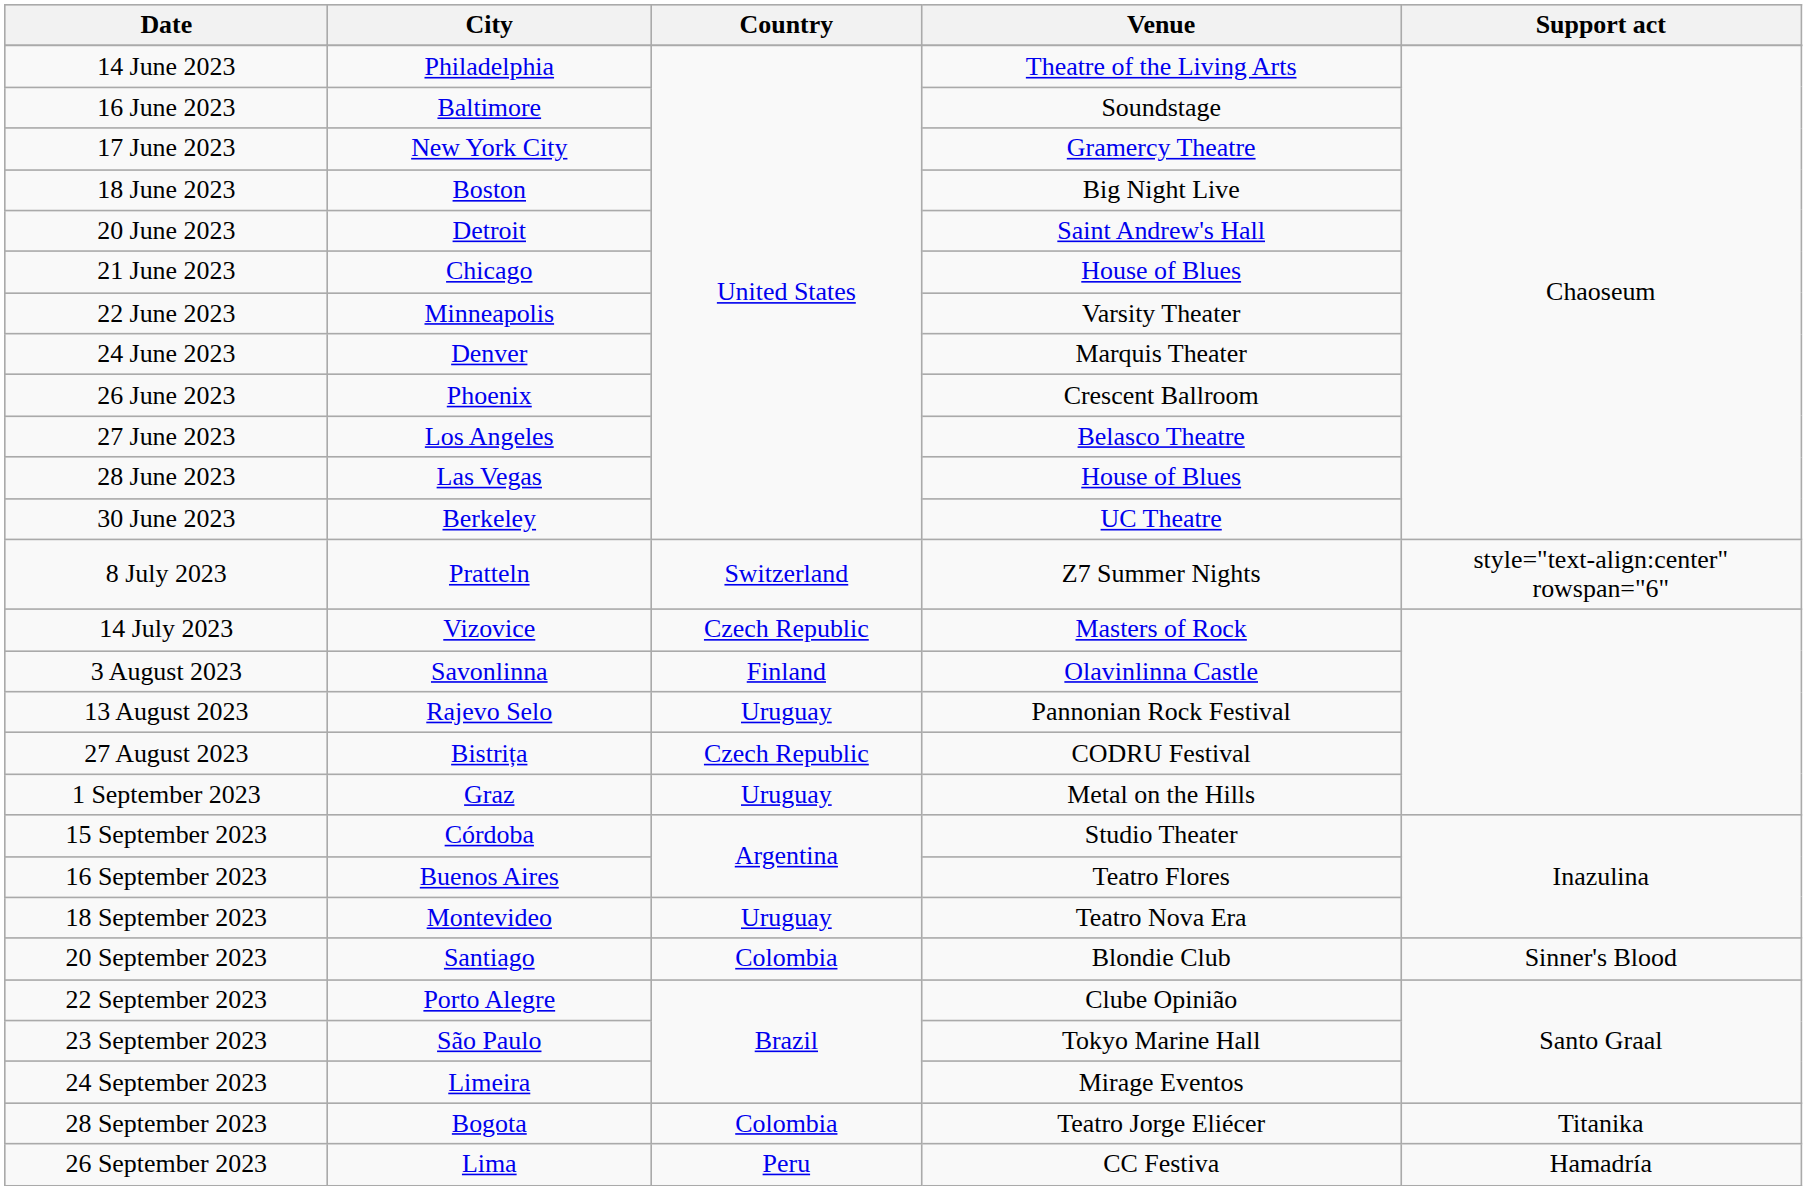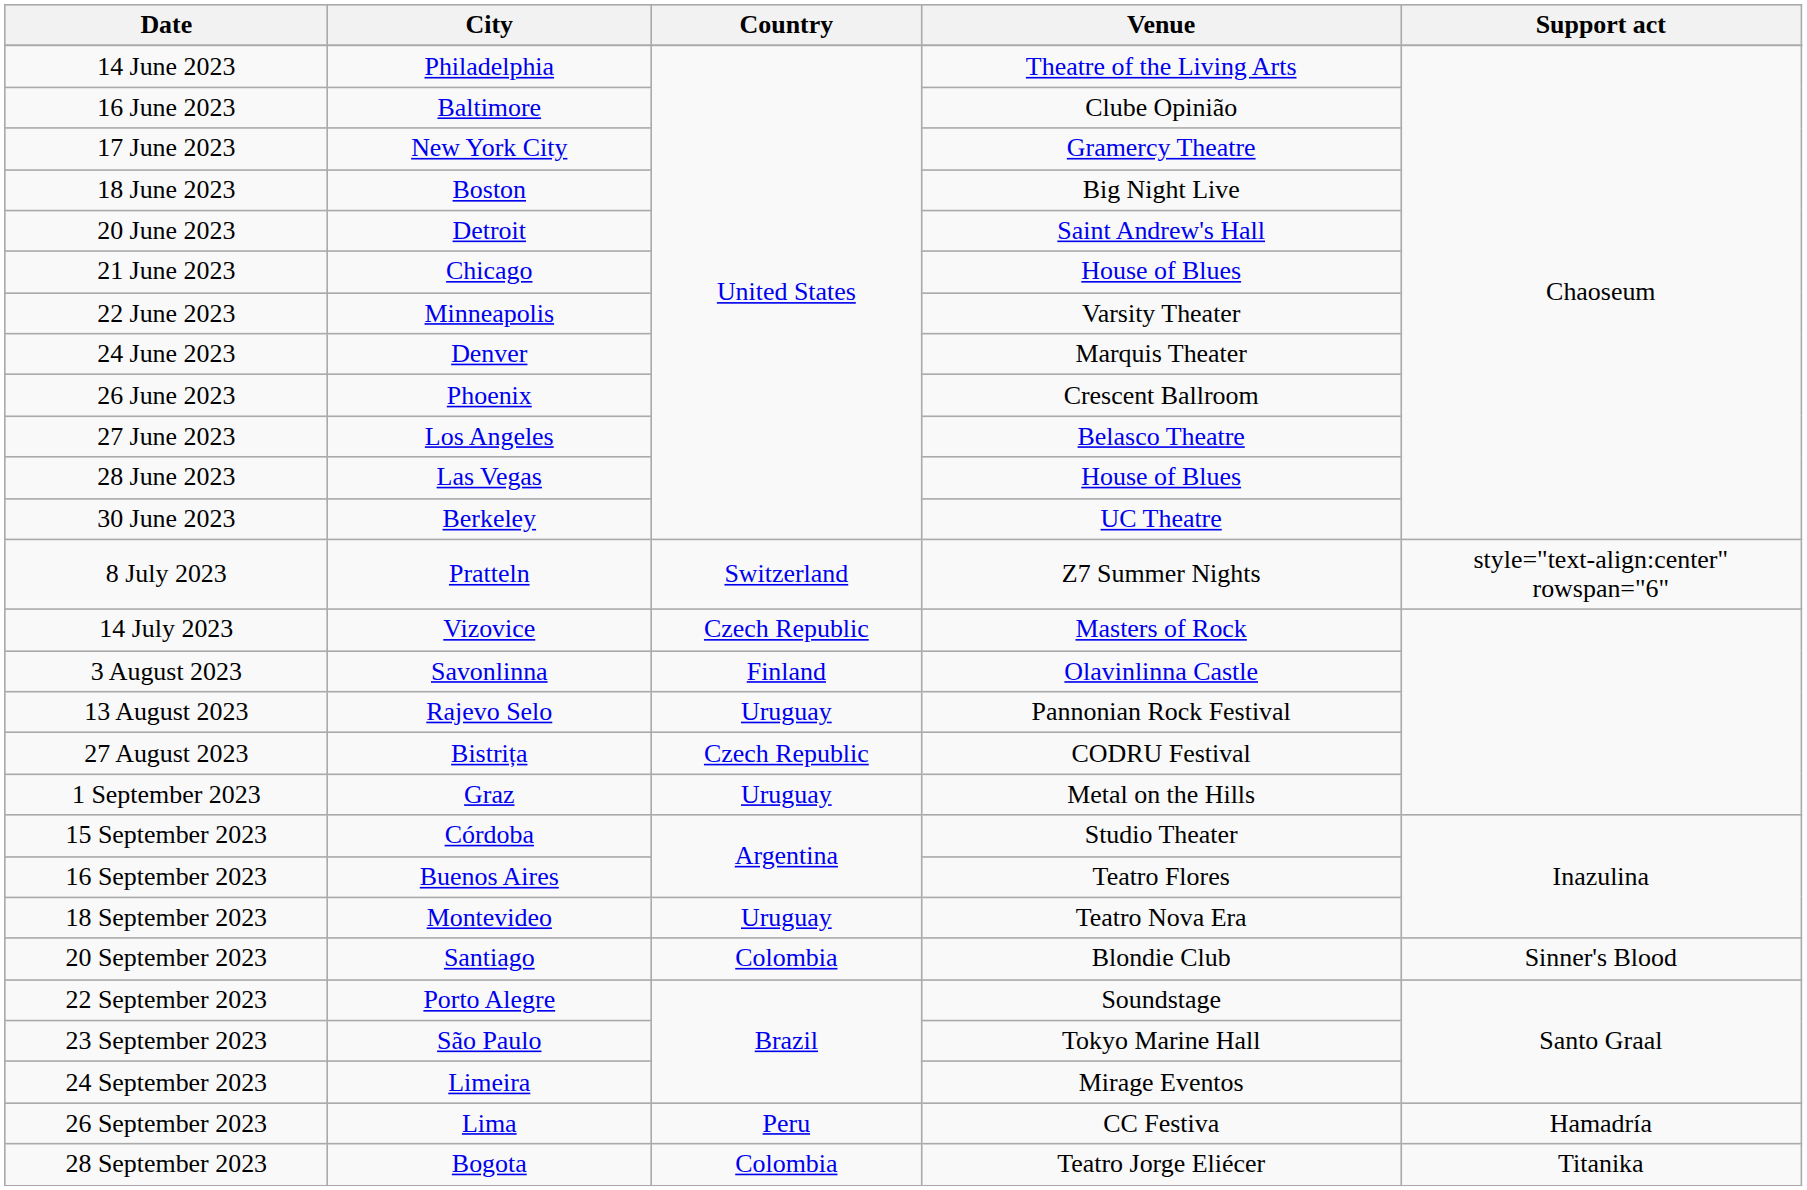 <table class="wikitable plainrowheaders" style="text-align:center;">
 <tr>
 <th scope="col" style="width:12em;">Date</th>
 <th scope="col" style="width:12em;">City</th>
 <th scope="col" style="width:10em;">Country</th>
 <th scope="col" style="width:18em;">Venue</th>
 <th scope="col" style="width:15em;">Support act</th>
 </tr>
 <tr>
 </tr>
 <tr>
 <td style="text-align:center">14 June 2023</td>
 <td style="text-align:center"><a href='#'>Philadelphia</a></td>
 <td style="text-align:center" rowspan="12"><a href='#'>United States</a></td>
 <td style="text-align:center"><a href='#'>Theatre of the Living Arts</a></td>
 <td style="text-align:center" rowspan="12">Chaoseum</td>
 </tr>
 <tr>
 <td style="text-align:center">16 June 2023</td>
 <td style="text-align:center"><a href='#'>Baltimore</a></td>
-<td style="text-align:center">Soundstage</td>
+<td style="text-align:center">Clube Opinião</td>
 </tr>
 <tr>
 <td style="text-align:center">17 June 2023</td>
 <td style="text-align:center"><a href='#'>New York City</a></td>
 <td style="text-align:center"><a href='#'>Gramercy Theatre</a></td>
 </tr>
 <tr>
 <td style="text-align:center">18 June 2023</td>
 <td style="text-align:center"><a href='#'>Boston</a></td>
 <td style="text-align:center">Big Night Live</td>
 </tr>
 <tr>
 <td style="text-align:center">20 June 2023</td>
 <td style="text-align:center"><a href='#'>Detroit</a></td>
 <td style="text-align:center"><a href='#'>Saint Andrew's Hall</a></td>
 </tr>
 <tr>
 <td style="text-align:center">21 June 2023</td>
 <td style="text-align:center"><a href='#'>Chicago</a></td>
 <td style="text-align:center"><a href='#'>House of Blues</a></td>
 </tr>
 <tr>
 <td style="text-align:center">22 June 2023</td>
 <td style="text-align:center"><a href='#'>Minneapolis</a></td>
 <td style="text-align:center">Varsity Theater</td>
 </tr>
 <tr>
 <td style="text-align:center">24 June 2023</td>
 <td style="text-align:center"><a href='#'>Denver</a></td>
 <td style="text-align:center">Marquis Theater</td>
 </tr>
 <tr>
 <td style="text-align:center">26 June 2023</td>
 <td style="text-align:center"><a href='#'>Phoenix</a></td>
 <td style="text-align:center">Crescent Ballroom</td>
 </tr>
 <tr>
 <td style="text-align:center">27 June 2023</td>
 <td style="text-align:center"><a href='#'>Los Angeles</a></td>
 <td style="text-align:center"><a href='#'>Belasco Theatre</a></td>
 </tr>
 <tr>
 <td style="text-align:center">28 June 2023</td>
 <td style="text-align:center"><a href='#'>Las Vegas</a></td>
 <td style="text-align:center"><a href='#'>House of Blues</a></td>
 </tr>
 <tr>
 <td style="text-align:center">30 June 2023</td>
 <td style="text-align:center"><a href='#'>Berkeley</a></td>
 <td style="text-align:center"><a href='#'>UC Theatre</a></td>
 </tr>
 <tr>
 <td style="text-align:center">8 July 2023</td>
 <td style="text-align:center"><a href='#'>Pratteln</a></td>
 <td style="text-align:center"><a href='#'>Switzerland</a></td>
 <td style="text-align:center">Z7 Summer Nights</td>
 <td>style="text-align:center" rowspan="6" </td>
 </tr>
 <tr>
 <td style="text-align:center">14 July 2023</td>
 <td style="text-align:center"><a href='#'>Vizovice</a></td>
 <td style="text-align:center"><a href='#'>Czech Republic</a></td>
 <td style="text-align:center"><a href='#'>Masters of Rock</a></td>
 </tr>
 <tr>
 <td style="text-align:center">3 August 2023</td>
 <td style="text-align:center"><a href='#'>Savonlinna</a></td>
 <td style="text-align:center"><a href='#'>Finland</a></td>
 <td style="text-align:center"><a href='#'>Olavinlinna Castle</a></td>
 </tr>
 <tr>
 <td style="text-align:center">13 August 2023</td>
 <td style="text-align:center"><a href='#'>Rajevo Selo</a></td>
 <td style="text-align:center"><a href='#'>Uruguay</a></td>
 <td style="text-align:center">Pannonian Rock Festival</td>
 </tr>
 <tr>
 <td style="text-align:center">27 August 2023</td>
 <td style="text-align:center"><a href='#'>Bistrița</a></td>
 <td style="text-align:center"><a href='#'>Czech Republic</a></td>
 <td style="text-align:center">CODRU Festival</td>
 </tr>
 <tr>
 <td style="text-align:center">1 September 2023</td>
 <td style="text-align:center"><a href='#'>Graz</a></td>
 <td style="text-align:center"><a href='#'>Uruguay</a></td>
 <td style="text-align:center">Metal on the Hills</td>
 </tr>
 <tr>
 <td style="text-align:center">15 September 2023</td>
 <td style="text-align:center"><a href='#'>Córdoba</a></td>
 <td style="text-align:center" rowspan="2"><a href='#'>Argentina</a></td>
 <td style="text-align:center">Studio Theater</td>
 <td style="text-align:center" rowspan="3">Inazulina</td>
 </tr>
 <tr>
 <td style="text-align:center">16 September 2023</td>
 <td style="text-align:center"><a href='#'>Buenos Aires</a></td>
 <td style="text-align:center">Teatro Flores</td>
 </tr>
 <tr>
 <td style="text-align:center">18 September 2023</td>
 <td style="text-align:center"><a href='#'>Montevideo</a></td>
 <td style="text-align:center"><a href='#'>Uruguay</a></td>
 <td style="text-align:center">Teatro Nova Era</td>
 </tr>
 <tr>
 <td style="text-align:center">20 September 2023</td>
 <td style="text-align:center"><a href='#'>Santiago</a></td>
 <td style="text-align:center"><a href='#'>Colombia</a></td>
 <td style="text-align:center">Blondie Club</td>
 <td style="text-align:center">Sinner's Blood</td>
 </tr>
 <tr>
 <td style="text-align:center">22 September 2023</td>
 <td style="text-align:center"><a href='#'>Porto Alegre</a></td>
 <td style="text-align:center" rowspan="3"><a href='#'>Brazil</a></td>
-<td style="text-align:center">Clube Opinião</td>
+<td style="text-align:center">Soundstage</td>
 <td style="text-align:center" rowspan="3">Santo Graal</td>
 </tr>
 <tr>
 <td style="text-align:center">23 September 2023</td>
 <td style="text-align:center"><a href='#'>São Paulo</a></td>
 <td style="text-align:center">Tokyo Marine Hall</td>
 </tr>
 <tr>
 <td style="text-align:center">24 September 2023</td>
 <td style="text-align:center"><a href='#'>Limeira</a></td>
 <td style="text-align:center">Mirage Eventos</td>
 </tr>
 <tr>
+<td style="text-align:center">26 September 2023</td>
+<td style="text-align:center"><a href='#'>Lima</a></td>
+<td style="text-align:center"><a href='#'>Peru</a></td>
+<td style="text-align:center">CC Festiva</td>
+<td style="text-align:center">Hamadría</td>
+</tr>
+<tr>
 <td style="text-align:center">28 September 2023</td>
 <td style="text-align:center"><a href='#'>Bogota</a></td>
 <td style="text-align:center"><a href='#'>Colombia</a></td>
 <td style="text-align:center">Teatro Jorge Eliécer</td>
 <td style="text-align:center">Titanika</td>
 </tr>
-<tr>
-<td style="text-align:center">26 September 2023</td>
-<td style="text-align:center"><a href='#'>Lima</a></td>
-<td style="text-align:center"><a href='#'>Peru</a></td>
-<td style="text-align:center">CC Festiva</td>
-<td style="text-align:center">Hamadría</td>
-</tr>
 </table>
